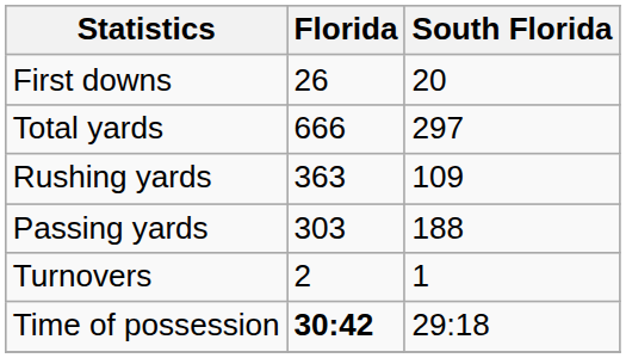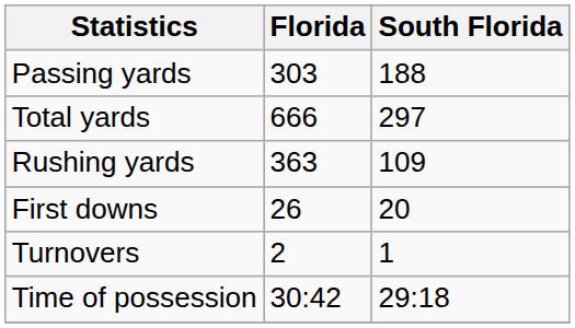 <table class="wikitable">
 <tr>
 <th>Statistics</th>
 <th>Florida</th>
 <th>South Florida</th>
 </tr>
 <tr>
-<td>First downs</td>
-<td>26</td>
-<td>20</td>
+<td>Passing yards</td>
+<td>303</td>
+<td>188</td>
 </tr>
 <tr>
 <td>Total yards</td>
 <td>666</td>
 <td>297</td>
 </tr>
 <tr>
 <td>Rushing yards</td>
 <td>363</td>
 <td>109</td>
 </tr>
 <tr>
-<td>Passing yards</td>
-<td>303</td>
-<td>188</td>
+<td>First downs</td>
+<td>26</td>
+<td>20</td>
 </tr>
 <tr>
 <td>Turnovers</td>
 <td>2</td>
 <td>1</td>
 </tr>
 <tr>
 <td>Time of possession</td>
-<td><strong>30:42</strong></td>
+<td>30:42</td>
 <td>29:18</td>
 </tr>
 <tr>
 </tr>
 </table>
